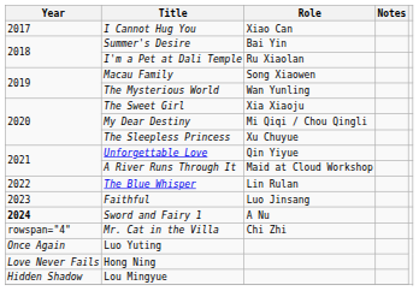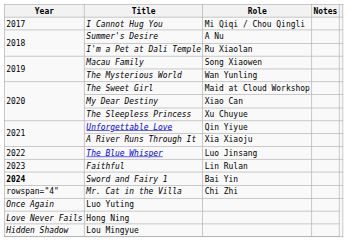 <table class="wikitable sortable plainrowheaders">
 <tr>
 <th scope="col">Year</th>
 <th scope="col">Title</th>
 <th scope="col">Role</th>
 <th scope="col">Notes</th>
 <th scope="col" class="unsortable"></th>
 </tr>
 <tr>
 <td>2017</td>
 <td><em>I Cannot Hug You</em></td>
-<td>Xiao Can</td>
+<td>Mi Qiqi / Chou Qingli</td>
 <td></td>
 <td></td>
 </tr>
 <tr>
 <td rowspan="2">2018</td>
 <td><em>Summer's Desire</em></td>
-<td>Bai Yin</td>
+<td>A Nu</td>
 <td></td>
 <td></td>
 </tr>
 <tr>
 <td><em>I'm a Pet at Dali Temple</em></td>
 <td>Ru Xiaolan</td>
 <td></td>
 <td></td>
 </tr>
 <tr>
 <td rowspan="2">2019</td>
 <td><em>Macau Family</em></td>
 <td>Song Xiaowen</td>
 <td></td>
 <td></td>
 </tr>
 <tr>
 <td><em>The Mysterious World</em></td>
 <td>Wan Yunling</td>
 <td></td>
 <td></td>
 </tr>
 <tr>
 <td rowspan="3">2020</td>
 <td><em>The Sweet Girl</em></td>
-<td>Xia Xiaoju</td>
+<td>Maid at Cloud Workshop</td>
 <td></td>
 <td></td>
 </tr>
 <tr>
 <td><em>My Dear Destiny</em></td>
-<td>Mi Qiqi / Chou Qingli</td>
+<td>Xiao Can</td>
 <td></td>
 <td></td>
 </tr>
 <tr>
 <td><em>The Sleepless Princess</em></td>
 <td>Xu Chuyue</td>
 <td></td>
 <td></td>
 </tr>
 <tr>
 <td rowspan="2">2021</td>
 <td><em><a href='#'>Unforgettable Love</a></em></td>
 <td>Qin Yiyue</td>
 <td></td>
 <td></td>
 </tr>
 <tr>
 <td><em>A River Runs Through It</em></td>
-<td>Maid at Cloud Workshop</td>
+<td>Xia Xiaoju</td>
 <td></td>
 <td></td>
 </tr>
 <tr>
 <td>2022</td>
 <td><em><a href='#'>The Blue Whisper</a></em></td>
-<td>Lin Rulan</td>
+<td>Luo Jinsang</td>
 <td></td>
 <td></td>
 </tr>
 <tr>
 <td>2023</td>
 <td><em>Faithful</em></td>
-<td>Luo Jinsang</td>
+<td>Lin Rulan</td>
 <td></td>
 <td></td>
 </tr>
 <tr>
 <td><strong>2024</strong></td>
 <td><em>Sword and Fairy 1</em></td>
-<td>A Nu</td>
+<td>Bai Yin</td>
 <td></td>
 <td></td>
 </tr>
 <tr>
 <td>rowspan="4" </td>
 <td><em>Mr. Cat in the Villa</em></td>
 <td>Chi Zhi</td>
 <td></td>
 <td></td>
 </tr>
 <tr>
 <td><em>Once Again</em></td>
 <td>Luo Yuting</td>
 <td></td>
 <td></td>
 </tr>
 <tr>
 <td><em>Love Never Fails</em></td>
 <td>Hong Ning</td>
 <td></td>
 <td></td>
 </tr>
 <tr>
 <td><em>Hidden Shadow</em></td>
 <td>Lou Mingyue</td>
 <td></td>
 <td></td>
 </tr>
 <tr>
 </tr>
 </table>
